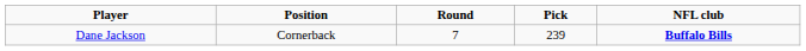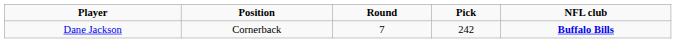 <table class="wikitable" style="width:80%;">
 <tr style="text-align:center; ">
 <td><strong>Player</strong></td>
 <td><strong>Position</strong></td>
 <td><strong>Round</strong></td>
 <td><strong>Pick</strong></td>
 <td><strong>NFL club</strong></td>
 </tr>
 <tr style="text-align:center">
 <td><a href='#'>Dane Jackson</a></td>
 <td>Cornerback</td>
 <td>7</td>
-<td>239</td>
+<td>242</td>
 <td><strong><a href='#'>Buffalo Bills</a></strong></td>
 </tr>
 </table>
